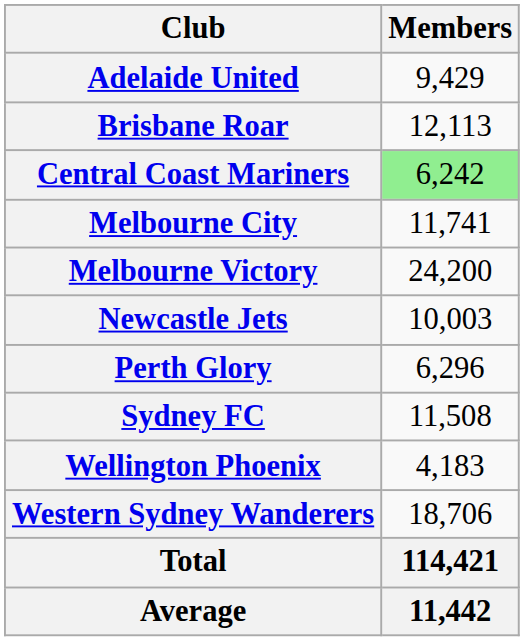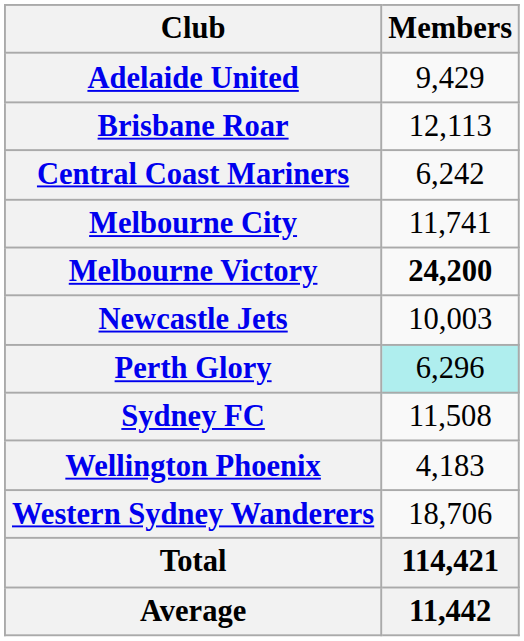 <table class="wikitable plainrowheaders sortable" style="text-align:center;">
 <tr>
 <th>Club</th>
 <th>Members</th>
 </tr>
 <tr>
 <th scope="row"><a href='#'>Adelaide United</a></th>
 <td>9,429</td>
 </tr>
 <tr>
 <th scope="row"><a href='#'>Brisbane Roar</a></th>
 <td>12,113</td>
 </tr>
 <tr>
 <th scope="row"><a href='#'>Central Coast Mariners</a></th>
-<td style="background: lightgreen;">6,242</td>
+<td>6,242</td>
 </tr>
 <tr>
 <th scope="row"><a href='#'>Melbourne City</a></th>
 <td>11,741</td>
 </tr>
 <tr>
 <th scope="row"><a href='#'>Melbourne Victory</a></th>
-<td>24,200</td>
+<td><strong>24,200</strong></td>
 </tr>
 <tr>
 <th scope="row"><a href='#'>Newcastle Jets</a></th>
 <td>10,003</td>
 </tr>
 <tr>
 <th scope="row"><a href='#'>Perth Glory</a></th>
-<td>6,296</td>
+<td style="background: paleturquoise;">6,296</td>
 </tr>
 <tr>
 <th scope="row"><a href='#'>Sydney FC</a></th>
 <td>11,508</td>
 </tr>
 <tr>
 <th scope="row"><a href='#'>Wellington Phoenix</a></th>
 <td>4,183</td>
 </tr>
 <tr>
 <th scope="row"><a href='#'>Western Sydney Wanderers</a></th>
 <td>18,706</td>
 </tr>
 <tr>
 <th>Total</th>
 <th>114,421</th>
 </tr>
 <tr>
 <th>Average</th>
 <th>11,442</th>
 </tr>
 </table>
